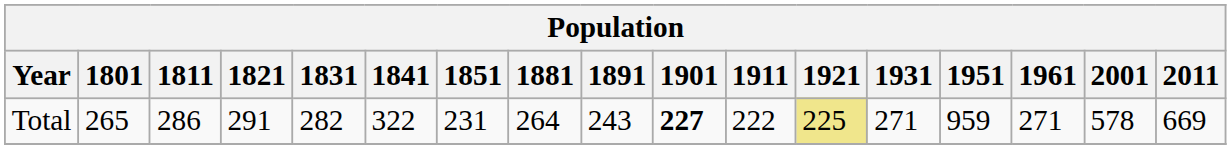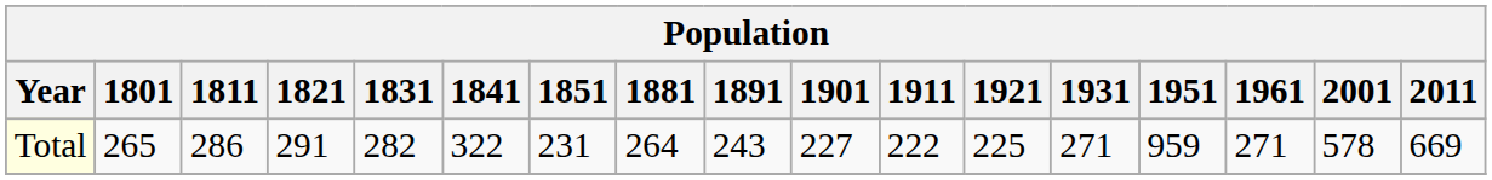 <table class="wikitable">
 <tr>
 <th colspan="17">Population</th>
 </tr>
 <tr>
 <th>Year</th>
 <th>1801</th>
 <th>1811</th>
 <th>1821</th>
 <th>1831</th>
 <th>1841</th>
 <th>1851</th>
 <th>1881</th>
 <th>1891</th>
 <th>1901</th>
 <th>1911</th>
 <th>1921</th>
 <th>1931</th>
 <th>1951</th>
 <th>1961</th>
 <th>2001</th>
 <th>2011</th>
 </tr>
 <tr>
-<td>Total</td>
+<td style="background: lightyellow;">Total</td>
 <td>265</td>
 <td>286</td>
 <td>291</td>
 <td>282</td>
 <td>322</td>
 <td>231</td>
 <td>264</td>
 <td>243</td>
-<td><strong>227</strong></td>
+<td>227</td>
 <td>222</td>
-<td style="background: khaki;">225</td>
+<td>225</td>
 <td>271</td>
 <td>959</td>
 <td>271</td>
 <td>578</td>
 <td>669</td>
 </tr>
 <tr>
 </tr>
 </table>
